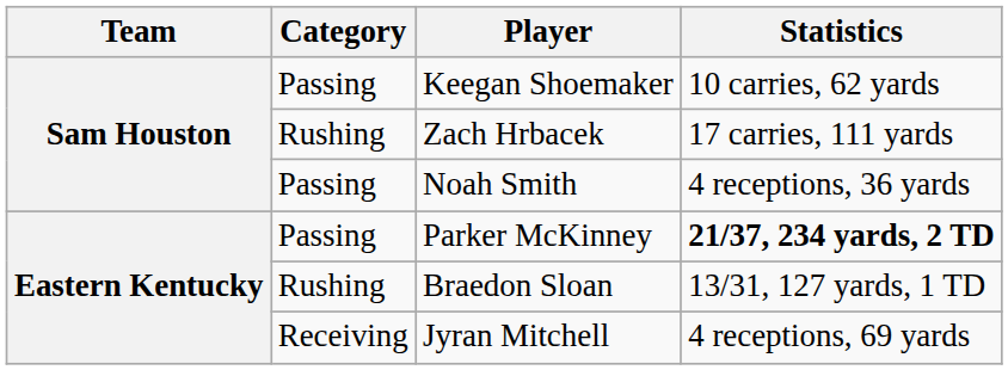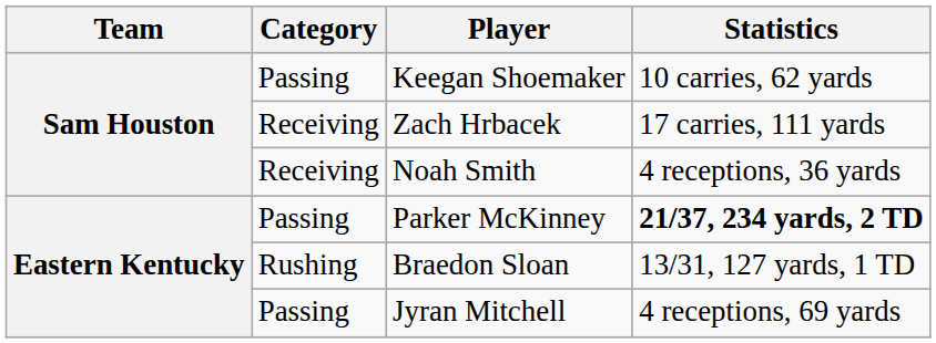 <table class="wikitable" style="float:right">
 <tr>
 <th>Team</th>
 <th>Category</th>
 <th>Player</th>
 <th>Statistics</th>
 </tr>
 <tr>
 <th rowspan=3>Sam Houston</th>
 <td>Passing</td>
 <td>Keegan Shoemaker</td>
 <td>10 carries, 62 yards</td>
 </tr>
 <tr>
-<td>Rushing</td>
+<td>Receiving</td>
 <td>Zach Hrbacek</td>
 <td>17 carries, 111 yards</td>
 </tr>
 <tr>
-<td>Passing</td>
+<td>Receiving</td>
 <td>Noah Smith</td>
 <td>4 receptions, 36 yards</td>
 </tr>
 <tr>
 <th rowspan=3>Eastern Kentucky</th>
 <td>Passing</td>
 <td>Parker McKinney</td>
 <td><strong>21/37, 234 yards, 2 TD</strong></td>
 </tr>
 <tr>
 <td>Rushing</td>
 <td>Braedon Sloan</td>
 <td>13/31, 127 yards, 1 TD</td>
 </tr>
 <tr>
-<td>Receiving</td>
+<td>Passing</td>
 <td>Jyran Mitchell</td>
 <td>4 receptions, 69 yards</td>
 </tr>
 </table>
